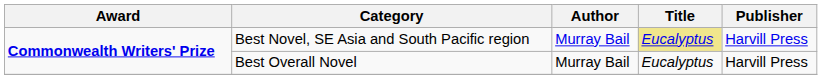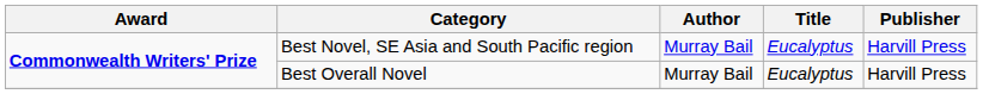 <table class="wikitable" width=100%>
 <tr>
 <th>Award</th>
 <th>Category</th>
 <th>Author</th>
 <th>Title</th>
 <th>Publisher</th>
 </tr>
 <tr>
 <td rowspan=2><strong><a href='#'>Commonwealth Writers' Prize</a></strong></td>
 <td>Best Novel, SE Asia and South Pacific region</td>
 <td><a href='#'>Murray Bail</a></td>
-<td style="background: khaki;"><em><a href='#'>Eucalyptus</a></em></td>
+<td><em><a href='#'>Eucalyptus</a></em></td>
 <td><a href='#'>Harvill Press</a></td>
 </tr>
 <tr>
 <td>Best Overall Novel</td>
 <td>Murray Bail</td>
 <td><em>Eucalyptus</em></td>
 <td>Harvill Press</td>
 </tr>
 <tr>
 </tr>
 </table>
